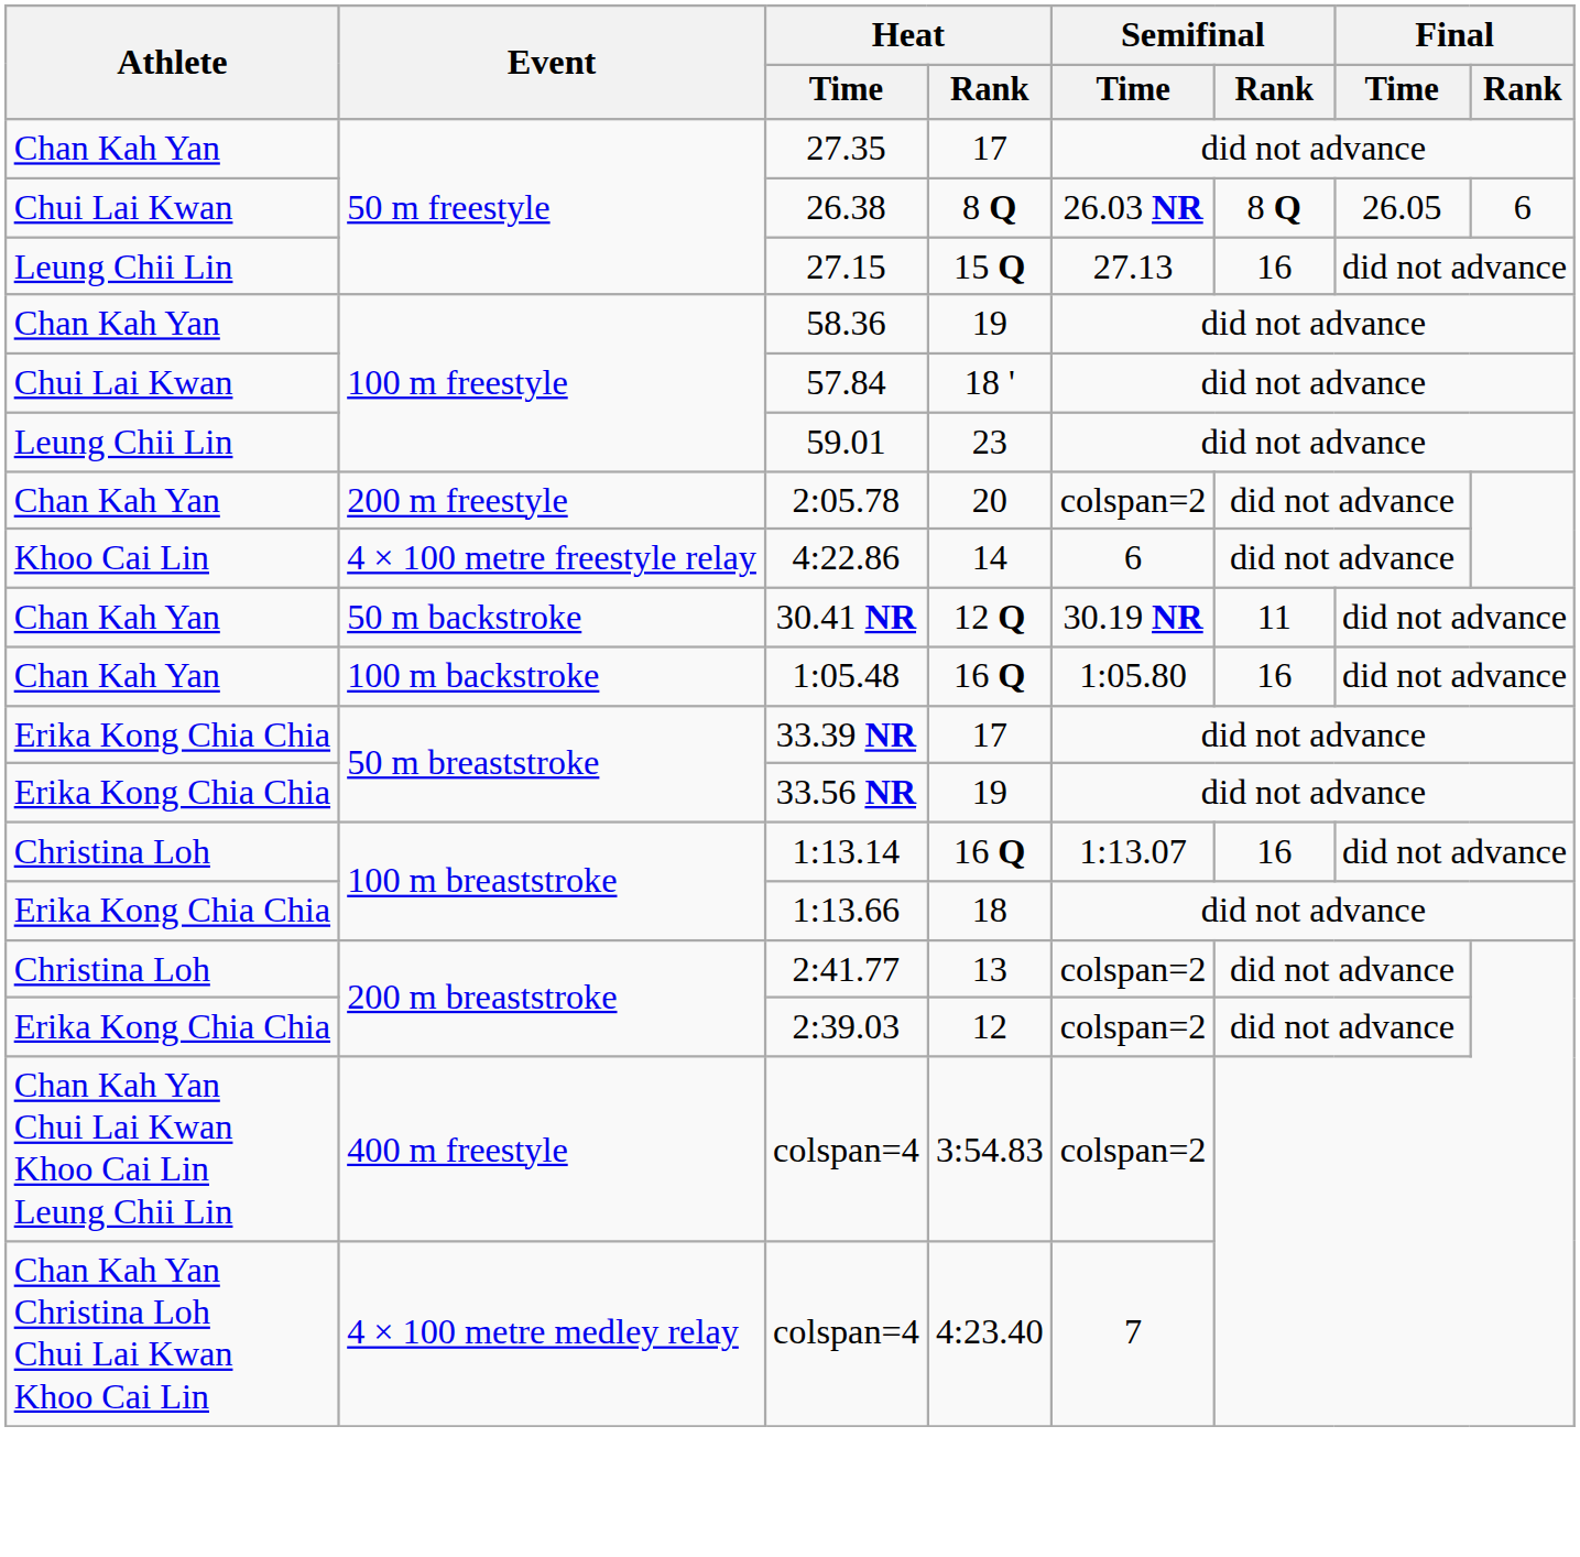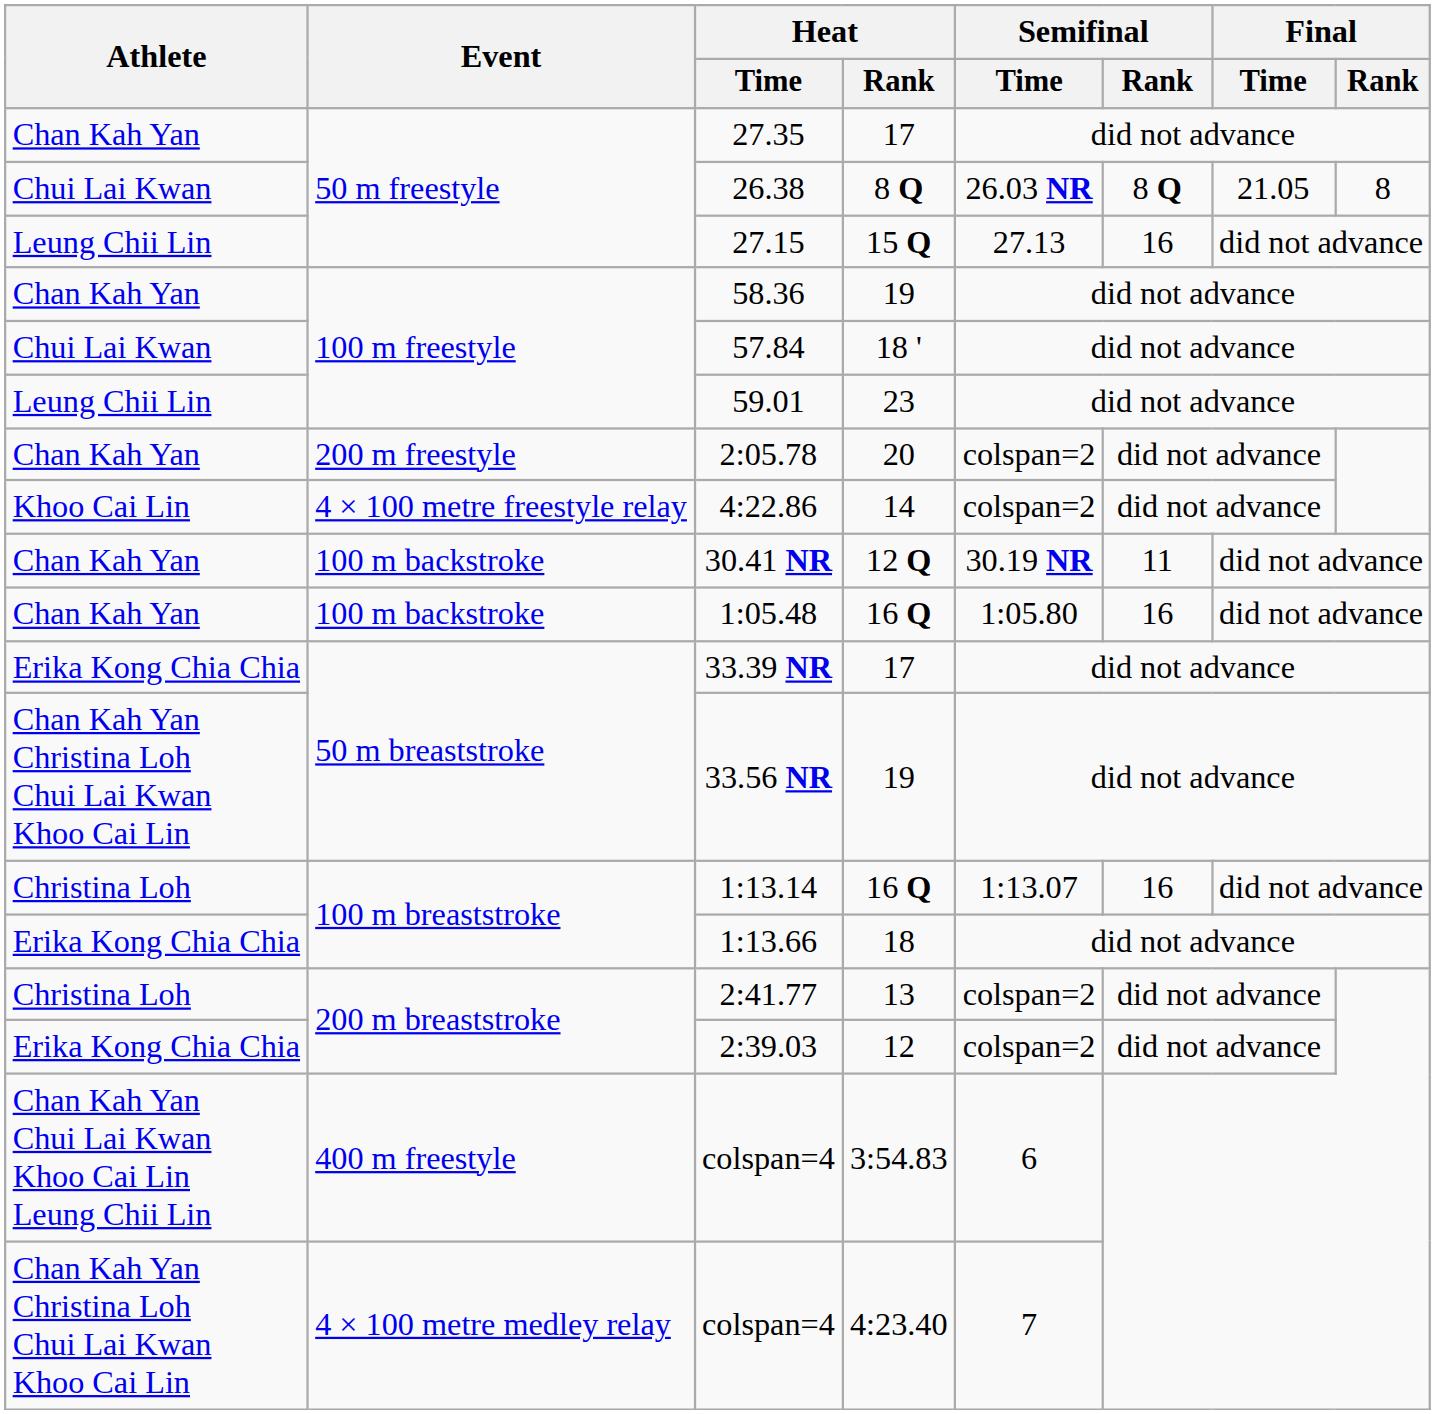 <table class=wikitable style=font-size:90%>
 <tr>
 <th rowspan=2>Athlete</th>
 <th rowspan=2>Event</th>
 <th colspan=2>Heat</th>
 <th colspan=2>Semifinal</th>
 <th colspan=2>Final</th>
 </tr>
 <tr style=font-size:95%>
 <th>Time</th>
 <th>Rank</th>
 <th>Time</th>
 <th>Rank</th>
 <th>Time</th>
 <th>Rank</th>
 </tr>
 <tr align=center>
 <td align=left><a href='#'>Chan Kah Yan</a></td>
 <td align=left rowspan=3><a href='#'>50 m freestyle</a></td>
 <td>27.35</td>
 <td>17</td>
 <td colspan=4>did not advance</td>
 </tr>
 <tr align=center>
 <td align=left><a href='#'>Chui Lai Kwan</a></td>
 <td>26.38</td>
 <td>8 <strong>Q</strong></td>
 <td>26.03 <strong><a href='#'>NR</a></strong></td>
 <td>8 <strong>Q</strong></td>
-<td>26.05</td>
-<td>6</td>
+<td>21.05</td>
+<td>8</td>
 </tr>
 <tr align=center>
 <td align=left><a href='#'>Leung Chii Lin</a></td>
 <td>27.15</td>
 <td>15 <strong>Q</strong></td>
 <td>27.13</td>
 <td>16</td>
 <td colspan=2>did not advance</td>
 </tr>
 <tr align=center>
 <td align=left><a href='#'>Chan Kah Yan</a></td>
 <td align=left rowspan=3><a href='#'>100 m freestyle</a></td>
 <td>58.36</td>
 <td>19</td>
 <td colspan=4>did not advance</td>
 </tr>
 <tr align=center>
 <td align=left><a href='#'>Chui Lai Kwan</a></td>
 <td>57.84</td>
 <td>18 '</td>
 <td colspan=4>did not advance</td>
 </tr>
 <tr align=center>
 <td align=left><a href='#'>Leung Chii Lin</a></td>
 <td>59.01</td>
 <td>23</td>
 <td colspan=4>did not advance</td>
 </tr>
 <tr align=center>
 <td align=left><a href='#'>Chan Kah Yan</a></td>
 <td align=left><a href='#'>200 m freestyle</a></td>
 <td>2:05.78</td>
 <td>20</td>
 <td>colspan=2 </td>
 <td colspan=2>did not advance</td>
 </tr>
 <tr align=center>
 <td align=left><a href='#'>Khoo Cai Lin</a></td>
 <td align=left><a href='#'>4 × 100 metre freestyle relay</a></td>
 <td>4:22.86</td>
 <td>14</td>
-<td>6</td>
+<td>colspan=2 </td>
 <td colspan=2>did not advance</td>
 </tr>
 <tr align=center>
 <td align=left><a href='#'>Chan Kah Yan</a></td>
-<td align=left><a href='#'>50 m backstroke</a></td>
+<td align=left><a href='#'>100 m backstroke</a></td>
 <td>30.41 <strong><a href='#'>NR</a></strong></td>
 <td>12 <strong>Q</strong></td>
 <td>30.19 <strong><a href='#'>NR</a></strong></td>
 <td>11</td>
 <td colspan=2>did not advance</td>
 </tr>
 <tr align=center>
 <td align=left><a href='#'>Chan Kah Yan</a></td>
 <td align=left><a href='#'>100 m backstroke</a></td>
 <td>1:05.48</td>
 <td>16 <strong>Q</strong></td>
 <td>1:05.80</td>
 <td>16</td>
 <td colspan=2>did not advance</td>
 </tr>
 <tr align=center>
 <td align=left><a href='#'>Erika Kong Chia Chia</a></td>
 <td align=left rowspan=2><a href='#'>50 m breaststroke</a></td>
 <td>33.39 <strong><a href='#'>NR</a></strong></td>
 <td>17</td>
 <td colspan=4>did not advance</td>
 </tr>
 <tr align=center>
-<td align=left><a href='#'>Erika Kong Chia Chia</a></td>
+<td align=left><a href='#'>Chan Kah Yan</a><br><a href='#'>Christina Loh</a><br><a href='#'>Chui Lai Kwan</a><br><a href='#'>Khoo Cai Lin</a></td>
 <td>33.56 <strong><a href='#'>NR</a></strong></td>
 <td>19</td>
 <td colspan=4>did not advance</td>
 </tr>
 <tr align=center>
 <td align=left><a href='#'>Christina Loh</a></td>
 <td align=left rowspan=2><a href='#'>100 m breaststroke</a></td>
 <td>1:13.14</td>
 <td>16 <strong>Q</strong></td>
 <td>1:13.07</td>
 <td>16</td>
 <td colspan=2>did not advance</td>
 </tr>
 <tr align=center>
 <td align=left><a href='#'>Erika Kong Chia Chia</a></td>
 <td>1:13.66</td>
 <td>18</td>
 <td colspan=4>did not advance</td>
 </tr>
 <tr align=center>
 <td align=left><a href='#'>Christina Loh</a></td>
 <td align=left rowspan=2><a href='#'>200 m breaststroke</a></td>
 <td>2:41.77</td>
 <td>13</td>
 <td>colspan=2 </td>
 <td colspan=2>did not advance</td>
 </tr>
 <tr align=center>
 <td align=left><a href='#'>Erika Kong Chia Chia</a></td>
 <td>2:39.03</td>
 <td>12</td>
 <td>colspan=2 </td>
 <td colspan=2>did not advance</td>
 </tr>
 <tr align=center>
 <td align=left><a href='#'>Chan Kah Yan</a><br><a href='#'>Chui Lai Kwan</a><br><a href='#'>Khoo Cai Lin</a><br><a href='#'>Leung Chii Lin</a></td>
 <td align=left><a href='#'>400 m freestyle</a></td>
 <td>colspan=4 </td>
 <td>3:54.83</td>
-<td>colspan=2 </td>
+<td>6</td>
 </tr>
 <tr align=center>
 <td align=left><a href='#'>Chan Kah Yan</a><br><a href='#'>Christina Loh</a><br><a href='#'>Chui Lai Kwan</a><br><a href='#'>Khoo Cai Lin</a></td>
 <td align=left><a href='#'>4 × 100 metre medley relay</a></td>
 <td>colspan=4 </td>
 <td>4:23.40</td>
 <td>7</td>
 </tr>
 </table>
